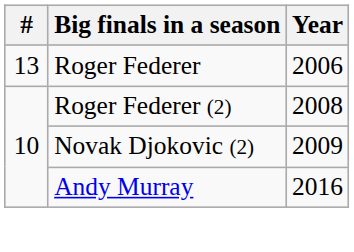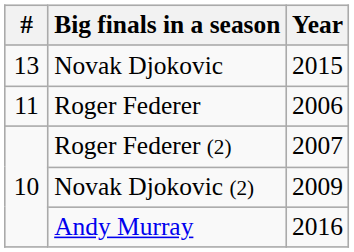 <table class="wikitable" style="display: inline-table;">
 <tr>
 <th width=20>#</th>
 <th>Big finals in a season</th>
 <th>Year</th>
 </tr>
 <tr>
 <td align=center>13</td>
+<td> Novak Djokovic</td>
+<td>2015</td>
+</tr>
+<tr>
+<td align=center>11</td>
 <td> Roger Federer</td>
 <td>2006</td>
 </tr>
 <tr>
 <td rowspan="3" align=center>10</td>
 <td> Roger Federer <small>(2)</small></td>
-<td>2008</td>
+<td>2007</td>
 </tr>
 <tr>
 <td> Novak Djokovic <small>(2)</small></td>
 <td>2009</td>
 </tr>
 <tr>
 <td> <a href='#'>Andy Murray</a></td>
 <td>2016</td>
 </tr>
 </table>
